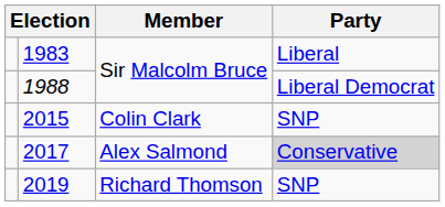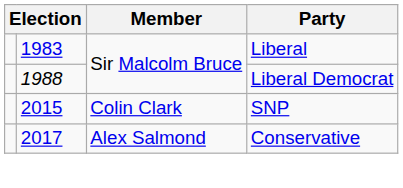 <table class="wikitable">
 <tr>
 <th colspan="2">Election</th>
 <th>Member</th>
 <th>Party</th>
 </tr>
 <tr>
 <td style="color:inherit;background-color: "></td>
 <td><a href='#'>1983</a></td>
 <td rowspan=2>Sir <a href='#'>Malcolm Bruce</a></td>
 <td><a href='#'>Liberal</a></td>
 </tr>
 <tr>
 <td style="color:inherit;background-color: "></td>
 <td><em>1988</em></td>
 <td><a href='#'>Liberal Democrat</a></td>
 </tr>
 <tr>
 <td style="color:inherit;background-color: "></td>
 <td><a href='#'>2015</a></td>
 <td><a href='#'>Colin Clark</a></td>
 <td><a href='#'>SNP</a></td>
 </tr>
 <tr>
 <td style="color:inherit;background-color: "></td>
 <td><a href='#'>2017</a></td>
 <td><a href='#'>Alex Salmond</a></td>
-<td style="background: lightgrey;"><a href='#'>Conservative</a></td>
-</tr>
-<tr>
-<td style="color:inherit;background-color: "></td>
-<td><a href='#'>2019</a></td>
-<td><a href='#'>Richard Thomson</a></td>
-<td><a href='#'>SNP</a></td>
+<td><a href='#'>Conservative</a></td>
 </tr>
 </table>
